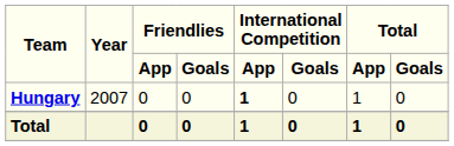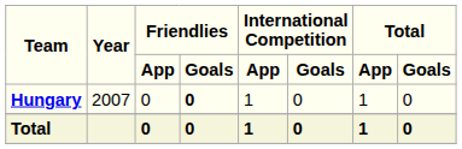 <table border=1 align=center cellpadding=4 cellspacing=2 style="background: ivory; font-size: 95%; border: 1px #aaaaaa solid; border-collapse: collapse; clear:center">
 <tr>
 <th rowspan="2">Team</th>
 <th rowspan="2">Year</th>
 <th colspan="2">Friendlies</th>
 <th colspan="2">International<br>Competition</th>
 <th colspan="2">Total</th>
 </tr>
 <tr>
 <th>App</th>
 <th>Goals</th>
 <th>App</th>
 <th>Goals</th>
 <th>App</th>
 <th>Goals</th>
 </tr>
 <tr>
 <td rowspan="1" align=center valign=center><strong><a href='#'>Hungary</a></strong></td>
 <td>2007</td>
 <td>0</td>
-<td>0</td>
-<td><strong>1</strong></td>
+<td><strong>0</strong></td>
+<td>1</td>
 <td>0</td>
 <td>1</td>
 <td>0</td>
 </tr>
 <tr>
 </tr>
 <tr>
 <th align=left style="background:beige">Total</th>
 <th align=left style="background:beige" colspan="1"></th>
 <th align=left style="background:beige">0</th>
 <th align=left style="background:beige">0</th>
 <th align=left style="background:beige">1</th>
 <th align=left style="background:beige">0</th>
 <th align=left style="background:beige">1</th>
 <th align=left style="background:beige">0</th>
 </tr>
 <tr>
 </tr>
 </table>
